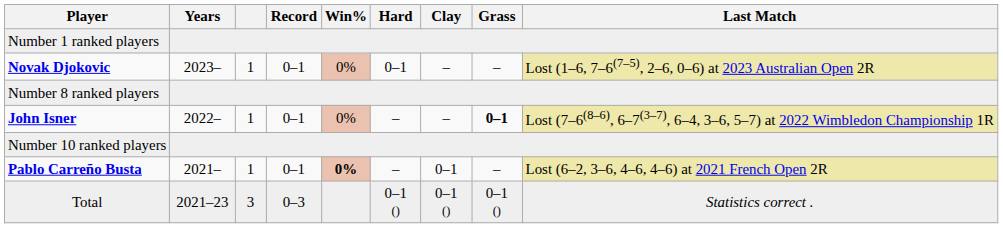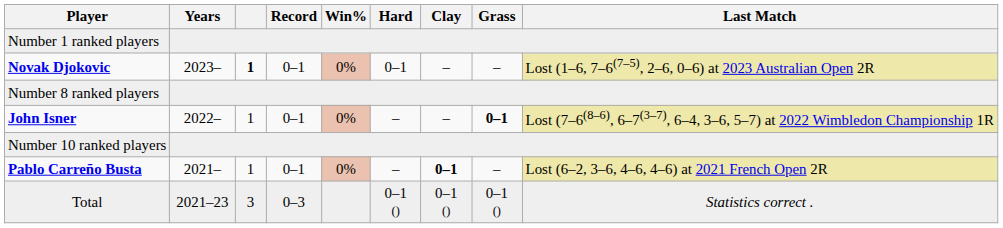 <table class="wikitable sortable nowrap" style=font-size:96%;text-align:center>
 <tr>
 <th>Player</th>
 <th width=60>Years</th>
 <th width=25></th>
 <th width=50>Record</th>
 <th>Win%</th>
 <th width=45>Hard</th>
 <th width=45>Clay</th>
 <th width=45>Grass</th>
 <th>Last Match</th>
 </tr>
 <tr bgcolor=efefef class="sortbottom">
 <td align=left>Number 1 ranked players</td>
 <td colspan=8></td>
 </tr>
 <tr>
 <td align=left> <strong><a href='#'>Novak Djokovic</a></strong></td>
 <td>2023–</td>
-<td>1</td>
+<td><strong>1</strong></td>
 <td>0–1</td>
 <td bgcolor=ebc2af>0%</td>
 <td>0–1</td>
 <td>–</td>
 <td>–</td>
 <td bgcolor=eee8aa align=left>Lost (1–6, 7–6<sup>(7–5)</sup>, 2–6, 0–6)  at <a href='#'>2023 Australian Open</a> 2R</td>
 </tr>
 <tr bgcolor=efefef class="sortbottom">
 <td align=left>Number 8 ranked players</td>
 <td colspan=8></td>
 </tr>
 <tr>
 <td align=left> <strong><a href='#'>John Isner</a></strong></td>
 <td>2022–</td>
 <td>1</td>
 <td>0–1</td>
 <td bgcolor=ebc2af>0%</td>
 <td>–</td>
 <td>–</td>
 <td><strong>0–1</strong></td>
 <td bgcolor=eee8aa align=left>Lost (7–6<sup>(8–6)</sup>, 6–7<sup>(3–7)</sup>, 6–4, 3–6, 5–7) at <a href='#'>2022 Wimbledon Championship</a> 1R</td>
 </tr>
 <tr bgcolor=efefef class="sortbottom">
 <td align=left>Number 10 ranked players</td>
 <td colspan=8></td>
 </tr>
 <tr>
 <td align=left> <strong><a href='#'>Pablo Carreño Busta</a></strong></td>
 <td>2021–</td>
 <td>1</td>
 <td>0–1</td>
-<td bgcolor=ebc2af><strong>0%</strong></td>
+<td bgcolor=ebc2af>0%</td>
 <td>–</td>
-<td>0–1</td>
+<td><strong>0–1</strong></td>
 <td>–</td>
 <td bgcolor=eee8aa align=left>Lost (6–2, 3–6, 4–6, 4–6) at <a href='#'>2021 French Open</a> 2R</td>
 </tr>
 <tr bgcolor=efefef class="sortbottom">
 <td>Total</td>
 <td>2021–23</td>
 <td>3</td>
 <td>0–3</td>
 <td></td>
 <td>0–1 <br><small>()</small></td>
 <td>0–1 <br><small>()</small></td>
 <td>0–1 <br><small>()</small></td>
 <td><em>Statistics correct .</em></td>
 </tr>
 </table>
